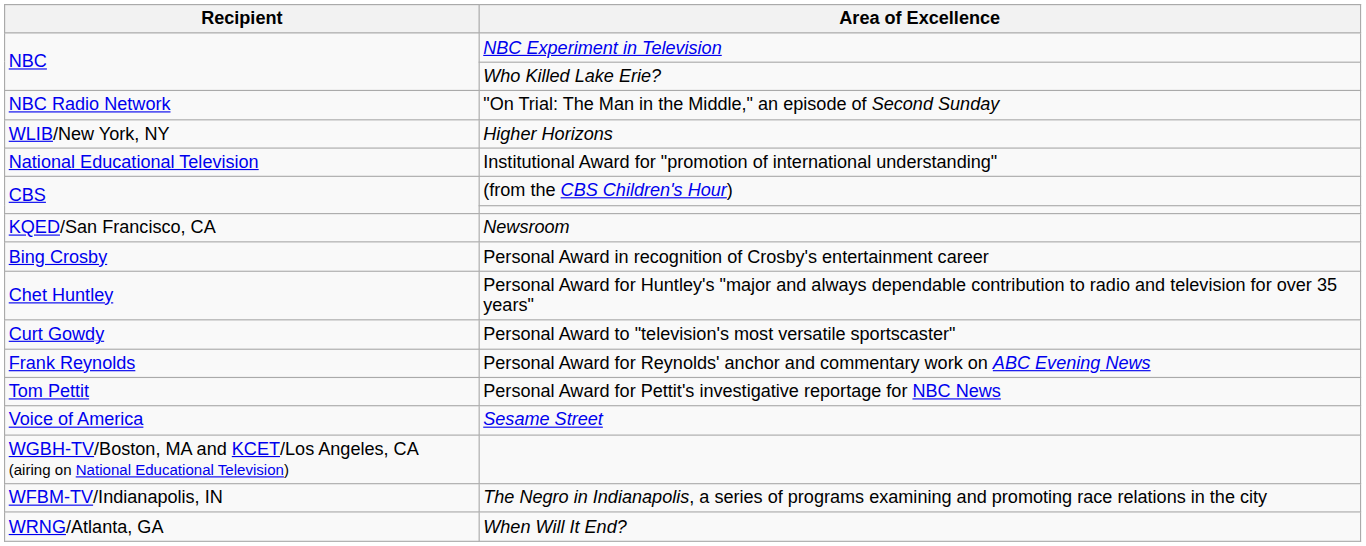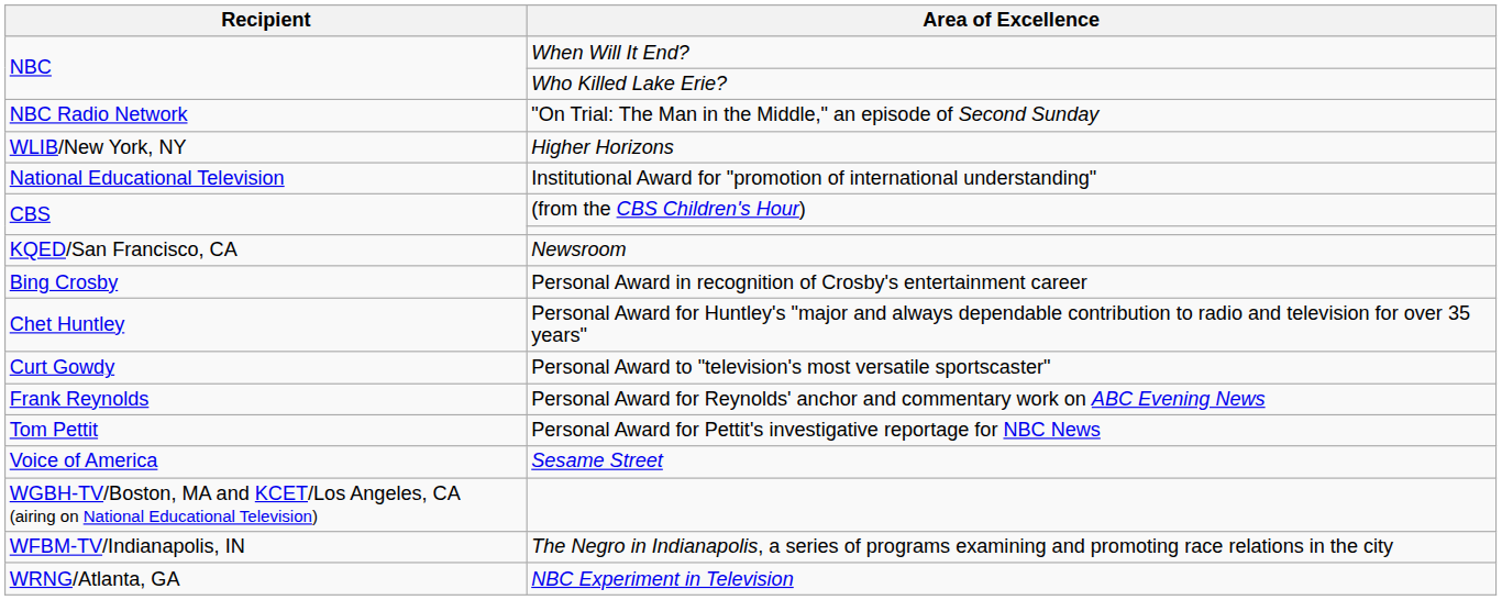 <table class="wikitable" style="width:95%">
 <tr bgcolor="#CCCCCC">
 <th width=35%>Recipient</th>
 <th width=65%>Area of Excellence</th>
 </tr>
 <tr>
 <td rowspan="2"><a href='#'>NBC</a></td>
-<td><em><a href='#'>NBC Experiment in Television</a></em></td>
+<td><em>When Will It End?</em></td>
 </tr>
 <tr>
 <td><em>Who Killed Lake Erie?</em></td>
 </tr>
 <tr>
 <td><a href='#'>NBC Radio Network</a></td>
 <td>"On Trial: The Man in the Middle," an episode of <em>Second Sunday</em></td>
 </tr>
 <tr>
 <td><a href='#'>WLIB</a>/New York, NY</td>
 <td><em>Higher Horizons</em></td>
 </tr>
 <tr>
 <td><a href='#'>National Educational Television</a></td>
 <td>Institutional Award for "promotion of international understanding"</td>
 </tr>
 <tr>
 <td rowspan="2"><a href='#'>CBS</a></td>
 <td><em></em> (from the <em><a href='#'>CBS Children's Hour</a></em>)</td>
 </tr>
 <tr>
 <td><em></em></td>
 </tr>
 <tr>
 <td><a href='#'>KQED</a>/San Francisco, CA</td>
 <td><em>Newsroom</em></td>
 </tr>
 <tr>
 <td><a href='#'>Bing Crosby</a></td>
 <td>Personal Award in recognition of Crosby's entertainment career</td>
 </tr>
 <tr>
 <td><a href='#'>Chet Huntley</a></td>
 <td>Personal Award for Huntley's "major and always dependable contribution to radio and television for over 35 years"</td>
 </tr>
 <tr>
 <td><a href='#'>Curt Gowdy</a></td>
 <td>Personal Award to "television's most versatile sportscaster"</td>
 </tr>
 <tr>
 <td><a href='#'>Frank Reynolds</a></td>
 <td>Personal Award for Reynolds' anchor and commentary work on <em><a href='#'>ABC Evening News</a></em></td>
 </tr>
 <tr>
 <td><a href='#'>Tom Pettit</a></td>
 <td>Personal Award for Pettit's investigative reportage for <a href='#'>NBC News</a></td>
 </tr>
 <tr>
 <td><a href='#'>Voice of America</a></td>
 <td><em><a href='#'>Sesame Street</a></em></td>
 </tr>
 <tr>
 <td><a href='#'>WGBH-TV</a>/Boston, MA and <a href='#'>KCET</a>/Los Angeles, CA<br><small>(airing on <a href='#'>National Educational Television</a>)</small></td>
 <td><em></em></td>
 </tr>
 <tr>
 <td><a href='#'>WFBM-TV</a>/Indianapolis, IN</td>
 <td><em>The Negro in Indianapolis</em>, a series of programs examining and promoting race relations in the city</td>
 </tr>
 <tr>
 <td><a href='#'>WRNG</a>/Atlanta, GA</td>
-<td><em>When Will It End?</em></td>
+<td><em><a href='#'>NBC Experiment in Television</a></em></td>
 </tr>
 </table>
